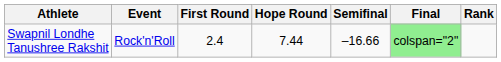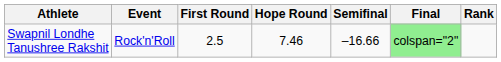 <table class="wikitable" border="1" style="font-size:90%">
 <tr>
 <th>Athlete</th>
 <th>Event</th>
 <th>First Round</th>
 <th>Hope Round</th>
 <th>Semifinal</th>
 <th>Final</th>
 <th>Rank</th>
 </tr>
 <tr align=center>
 <td align=left><a href='#'>Swapnil Londhe</a> <br> <a href='#'>Tanushree Rakshit</a></td>
 <td><a href='#'>Rock'n'Roll</a></td>
-<td>2.4</td>
-<td>7.44</td>
+<td>2.5</td>
+<td>7.46</td>
 <td>–16.66</td>
 <td style="background: lightgreen;">colspan="2" </td>
 </tr>
 </table>
